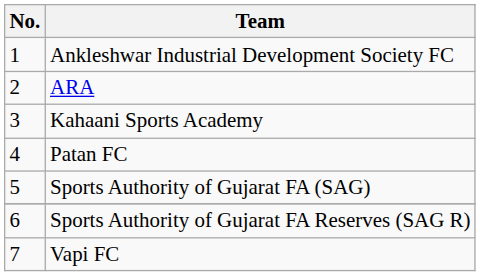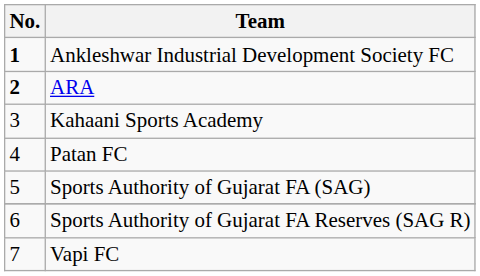 <table class="wikitable">
 <tr>
 <th>No.</th>
 <th>Team</th>
 </tr>
 <tr>
-<td>1</td>
+<td><strong>1</strong></td>
 <td>Ankleshwar Industrial Development Society FC</td>
 </tr>
 <tr>
-<td>2</td>
+<td><strong>2</strong></td>
 <td><a href='#'>ARA</a></td>
 </tr>
 <tr>
 <td>3</td>
 <td>Kahaani Sports Academy</td>
 </tr>
 <tr>
 <td>4</td>
 <td>Patan FC</td>
 </tr>
 <tr>
 <td>5</td>
 <td>Sports Authority of Gujarat FA (SAG)</td>
 </tr>
 <tr>
 </tr>
 <tr>
 <td>6</td>
 <td>Sports Authority of Gujarat FA Reserves (SAG R)</td>
 </tr>
 <tr>
 <td>7</td>
 <td>Vapi FC</td>
 </tr>
 </table>
